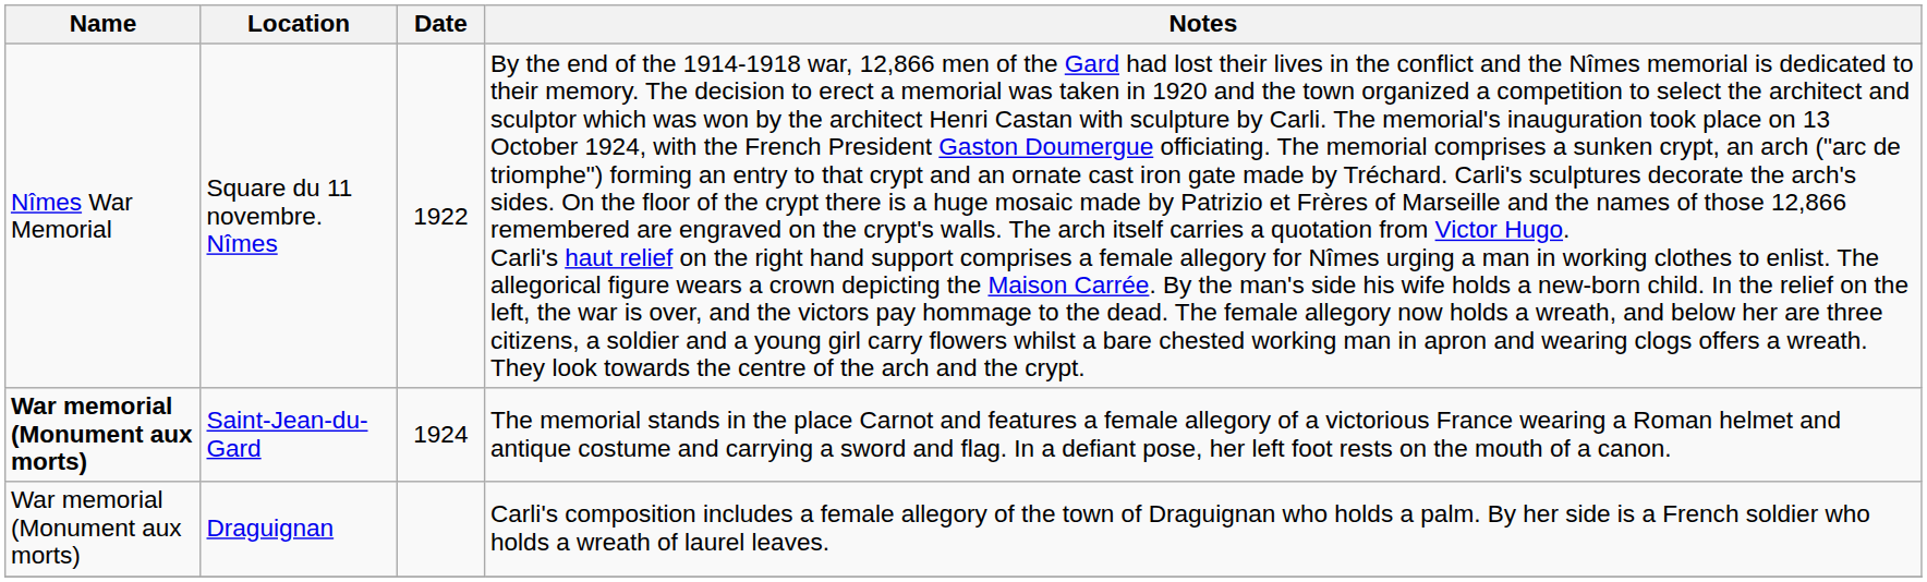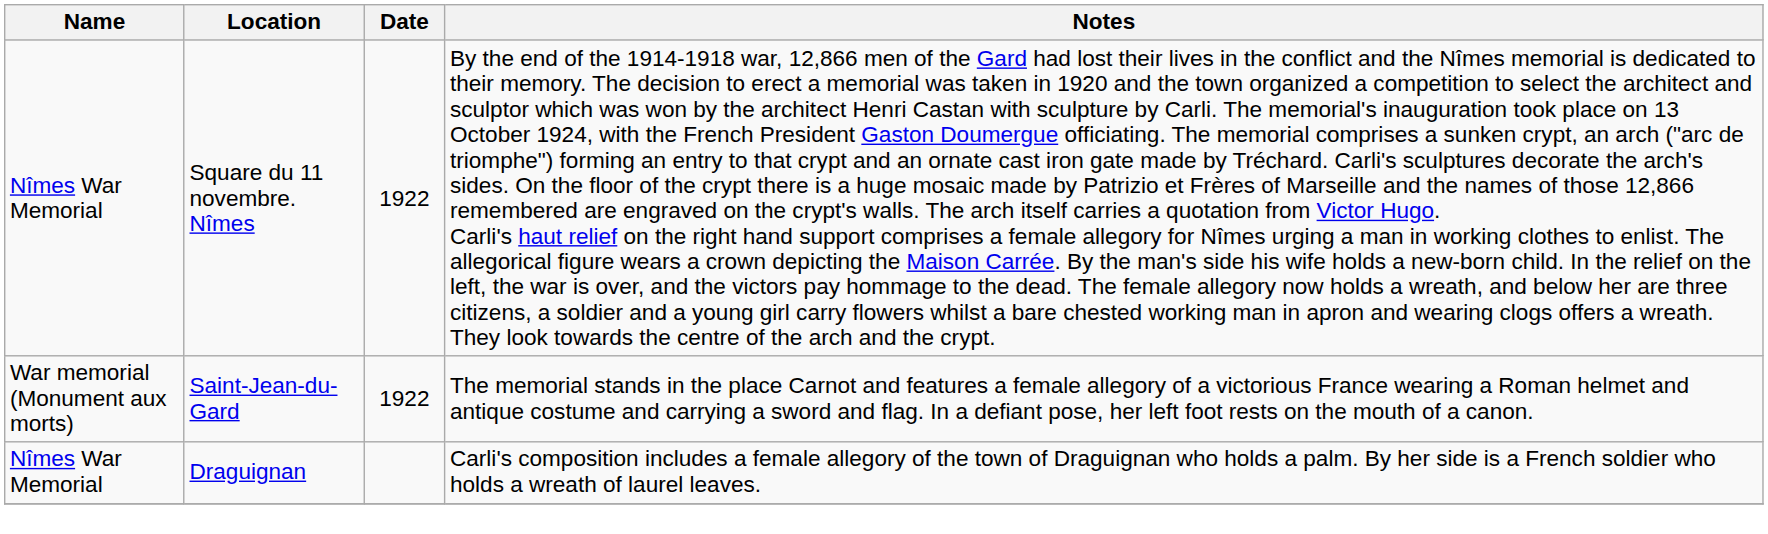 <table class="wikitable sortable plainrowheaders">
 <tr>
 <th style="width:120px">Name</th>
 <th style="width:120px">Location</th>
 <th style="width:50px">Date</th>
 <th class="unsortable">Notes</th>
 </tr>
 <tr>
 <td><a href='#'>Nîmes</a> War Memorial</td>
 <td>Square du 11 novembre.  <a href='#'>Nîmes</a></td>
 <td align="center">1922</td>
 <td>By the end of the 1914-1918 war, 12,866 men of the <a href='#'>Gard</a> had lost their lives in the conflict and the Nîmes memorial is dedicated to their memory. The decision to erect a memorial was taken in 1920 and the town organized a competition to select the architect and sculptor which was won by the architect Henri Castan with sculpture by Carli.  The memorial's inauguration took place on 13 October 1924, with the French President <a href='#'>Gaston Doumergue</a> officiating.  The memorial comprises a sunken crypt, an arch ("arc de triomphe") forming an entry to that crypt and an ornate cast iron gate made by Tréchard. Carli's sculptures decorate the arch's sides. On the floor of the crypt there is a huge mosaic made by Patrizio et Frères of Marseille and the names of those 12,866 remembered are engraved on the crypt's walls.  The arch itself carries a quotation from <a href='#'>Victor Hugo</a>. <br>Carli's <a href='#'>haut relief</a> on the right hand support comprises a female allegory for Nîmes urging a man in working clothes to enlist. The allegorical figure wears a crown depicting the <a href='#'>Maison Carrée</a>.  By the man's side his wife holds a new-born child.  In the relief on the left, the war is over, and the victors pay hommage to the dead. The female allegory now holds a wreath, and below her are three citizens, a soldier and a young girl carry flowers whilst a bare chested working man in apron and wearing clogs offers a wreath. They look towards the centre of the arch and the crypt.    </td>
 </tr>
 <tr>
-<td><strong>War memorial (Monument aux morts)</strong></td>
+<td>War memorial (Monument aux morts)</td>
 <td><a href='#'>Saint-Jean-du-Gard</a></td>
-<td align="center">1924</td>
+<td align="center">1922</td>
 <td>The memorial stands in the place Carnot and features a female allegory of a victorious France wearing a Roman helmet and antique costume and carrying a sword and flag. In a defiant pose, her left foot rests on the mouth of a canon.<br></td>
 </tr>
 <tr>
-<td>War memorial (Monument aux morts)</td>
+<td><a href='#'>Nîmes</a> War Memorial</td>
 <td><a href='#'>Draguignan</a></td>
 <td align="center"></td>
 <td>Carli's composition includes a female allegory of the town of Draguignan who holds a palm. By her side is a French soldier who holds a wreath of laurel leaves.<br></td>
 </tr>
 <tr>
 </tr>
 </table>
